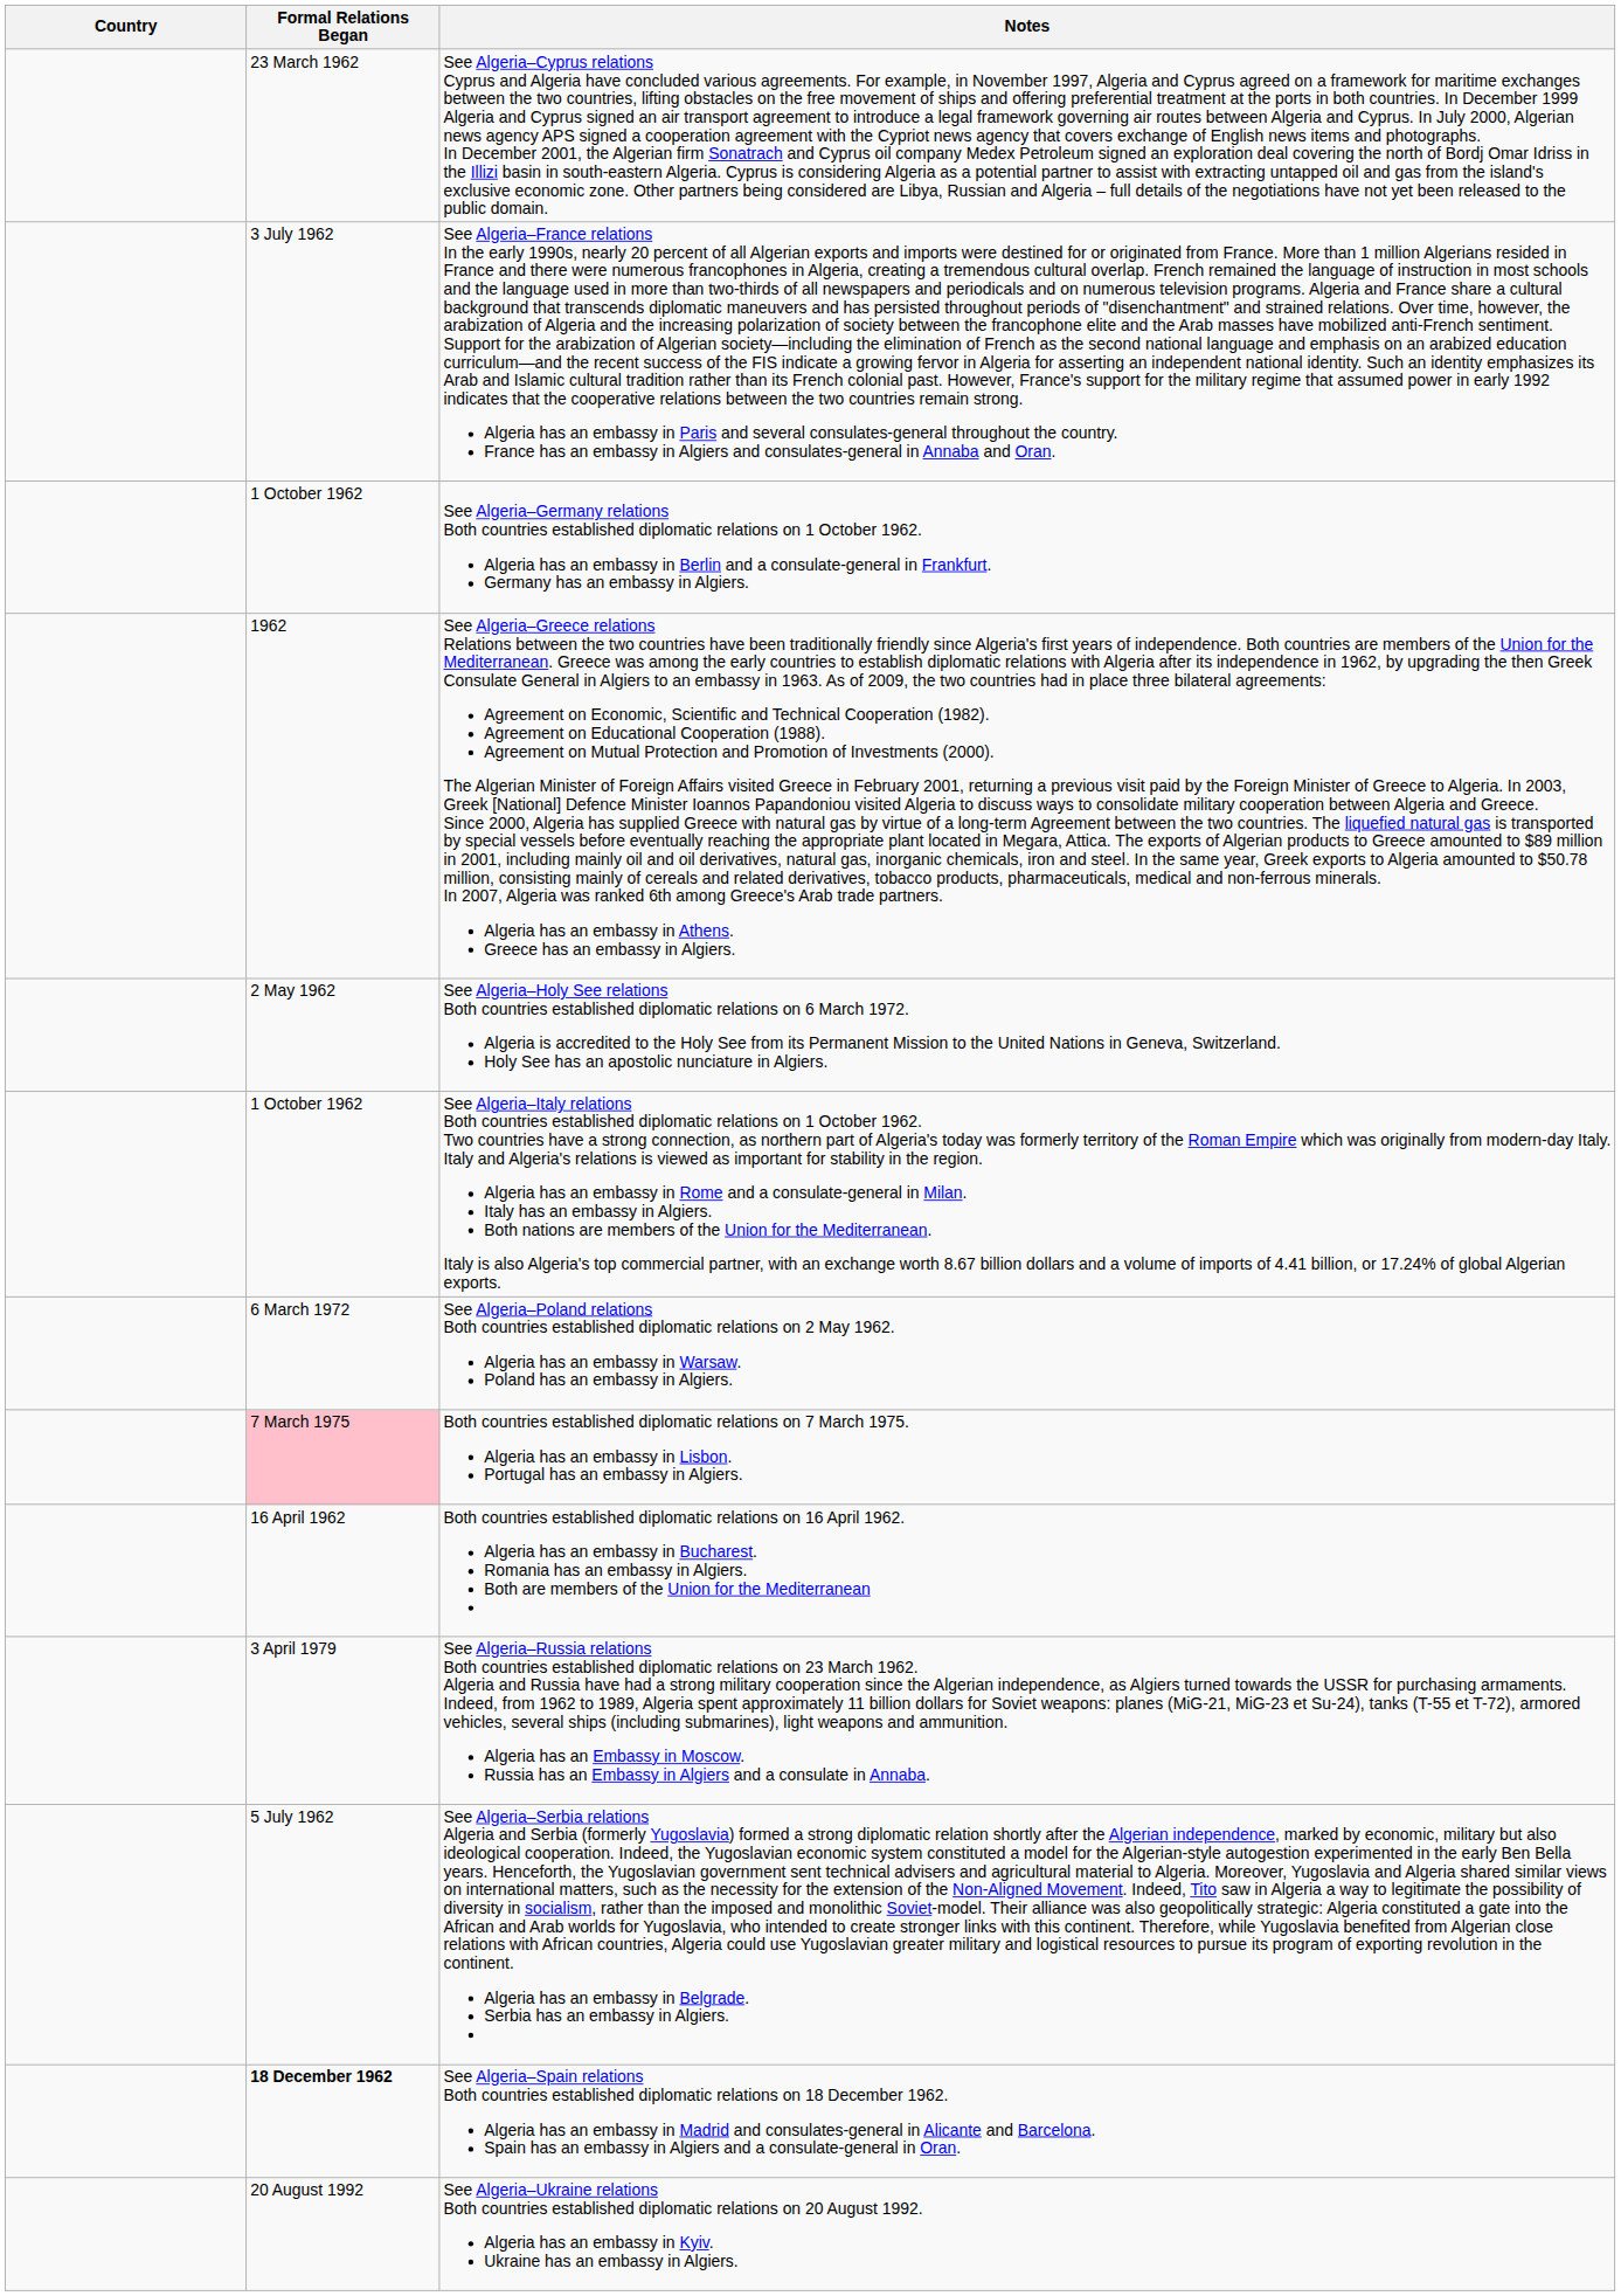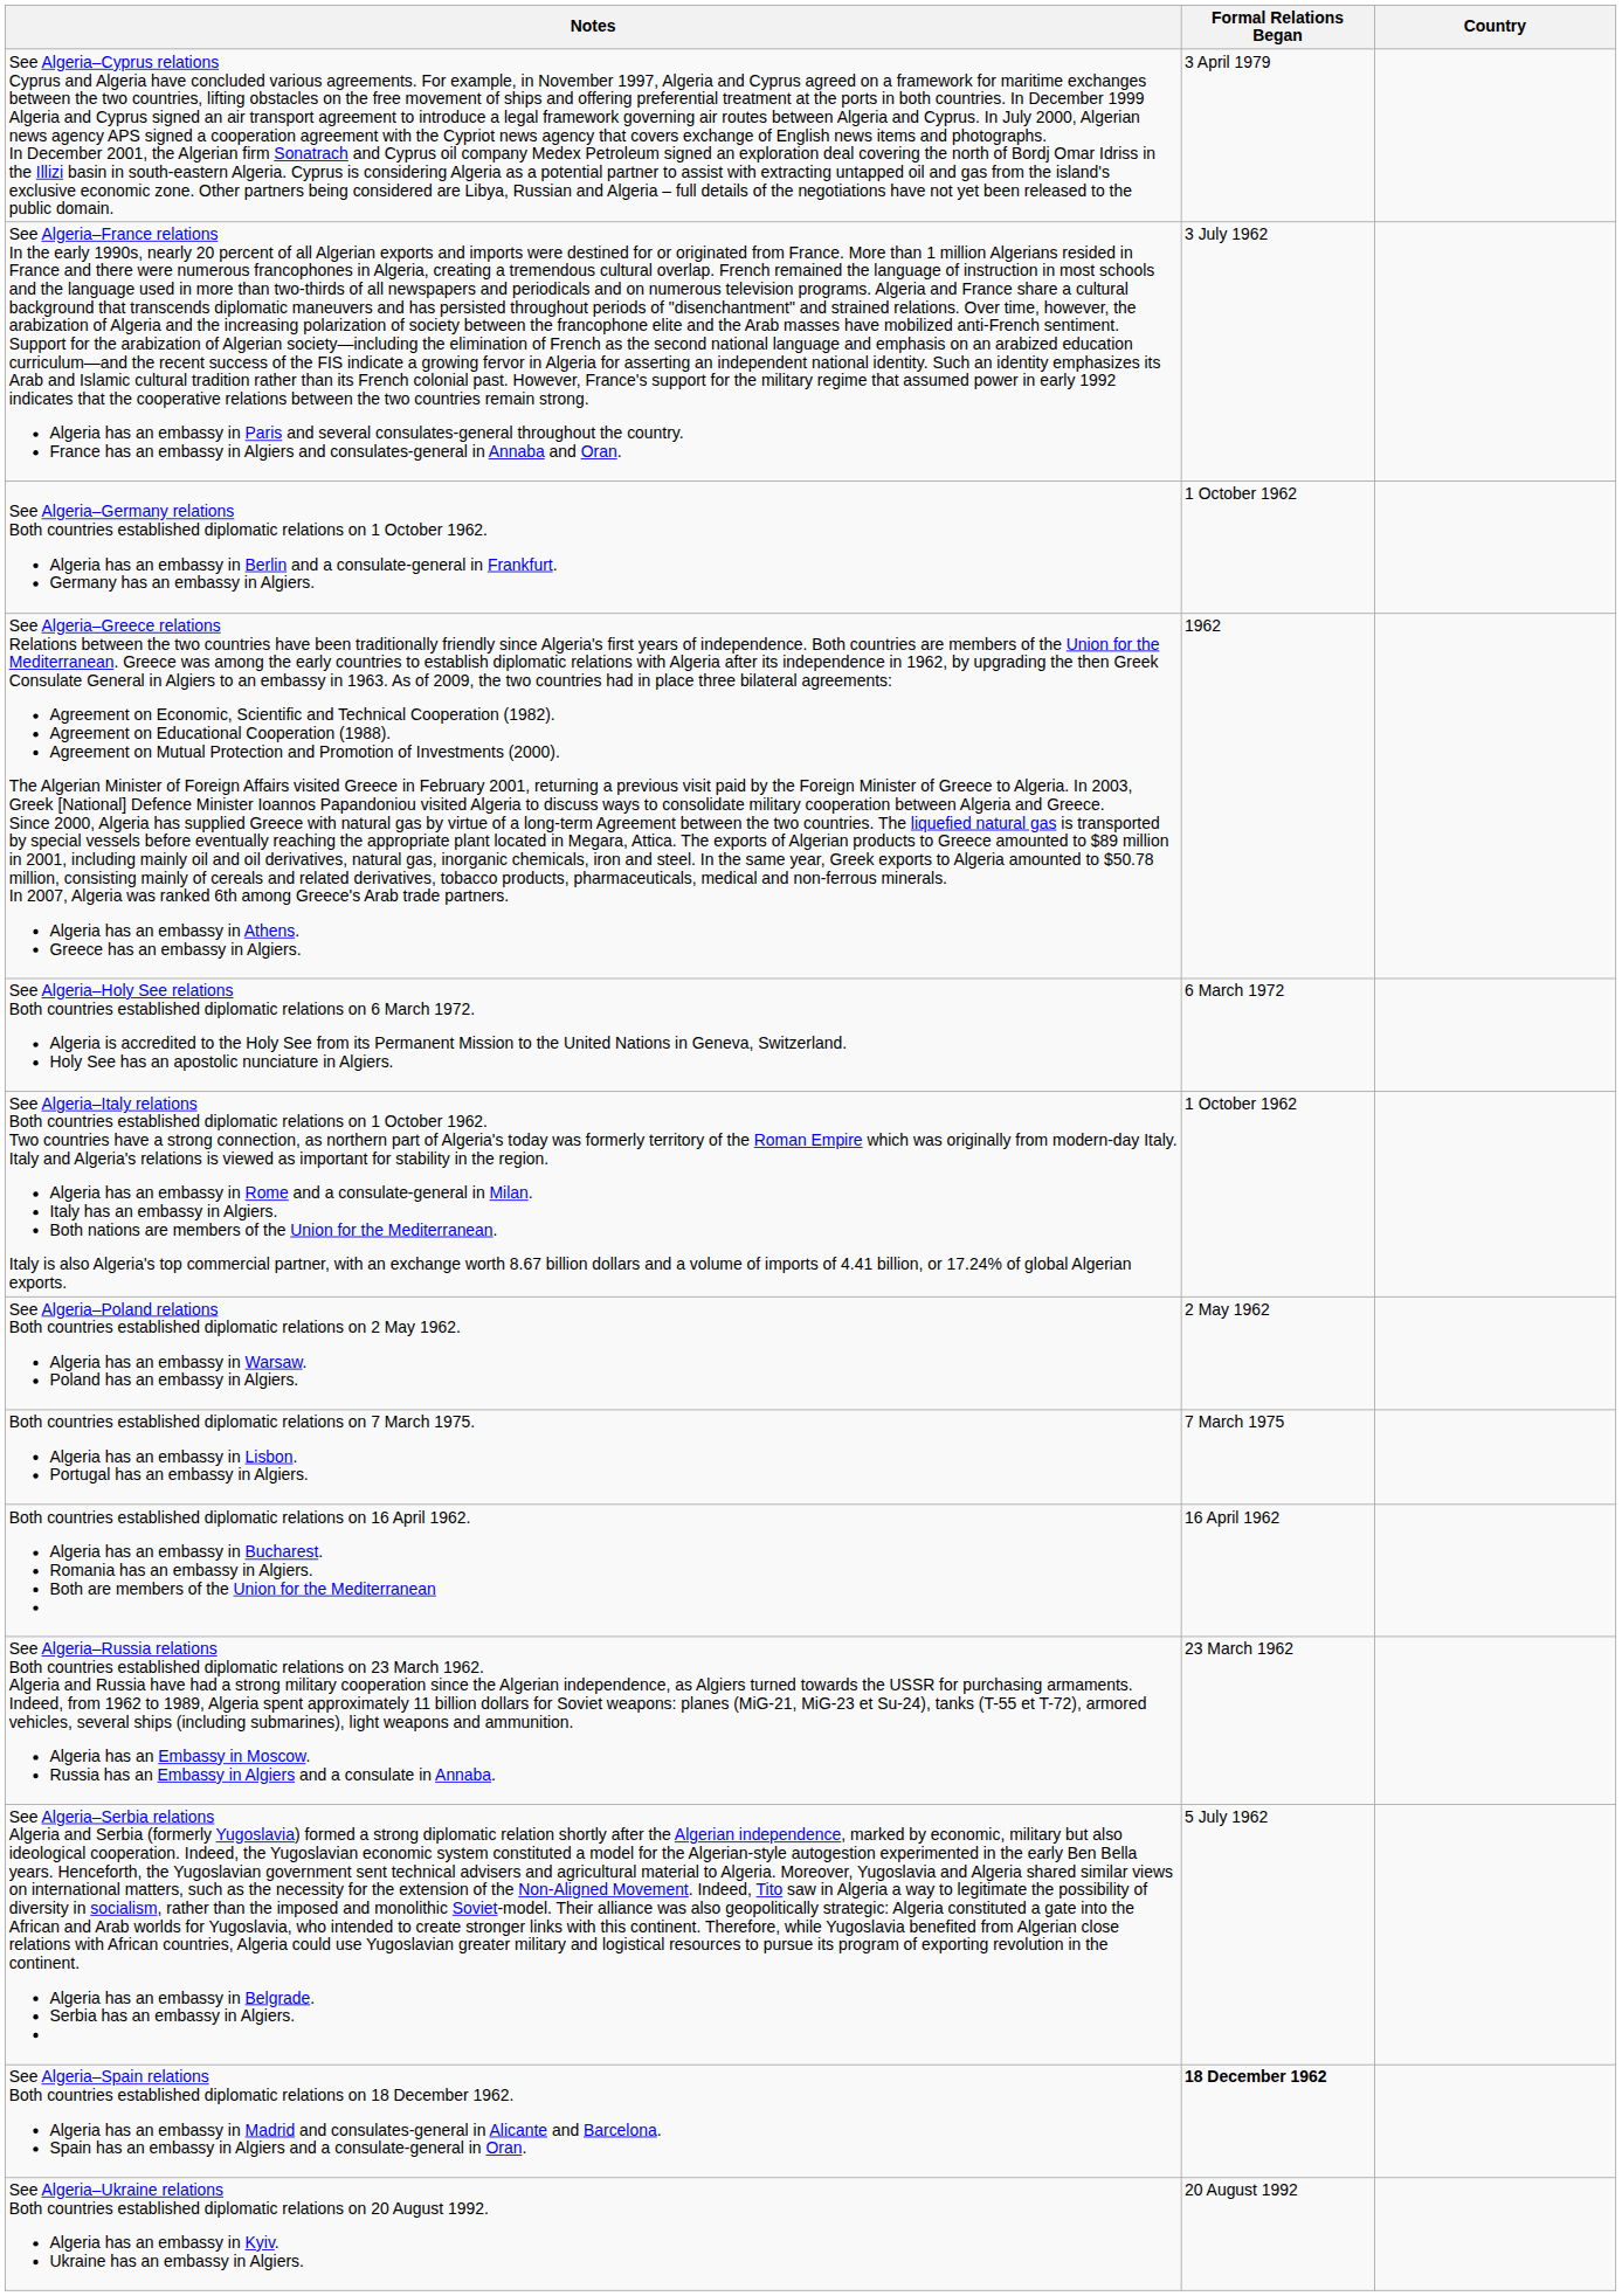 <table class="wikitable sortable" style="width:100%; margin:auto;">
 <tr>
+<th>Notes</th>
+<th style="width:12%;">Formal Relations Began</th>
 <th style="width:15%;">Country</th>
-<th style="width:12%;">Formal Relations Began</th>
-<th>Notes</th>
 </tr>
 <tr valign="top">
+<td>See <a href='#'>Algeria–Cyprus relations</a><br>Cyprus and Algeria have concluded various agreements. For example, in November 1997, Algeria and Cyprus agreed on a framework for maritime exchanges between the two countries, lifting obstacles on the free movement of ships and offering preferential treatment at the ports in both countries. In December 1999 Algeria and Cyprus signed an air transport agreement to introduce a legal framework governing air routes between Algeria and Cyprus. In July 2000, Algerian news agency APS signed a cooperation agreement with the Cypriot news agency that covers exchange of English news items and photographs.<br>In December 2001, the Algerian firm <a href='#'>Sonatrach</a> and Cyprus oil company Medex Petroleum signed an exploration deal covering the north of Bordj Omar Idriss in the <a href='#'>Illizi</a> basin in south-eastern Algeria. Cyprus is considering Algeria as a potential partner to assist with extracting untapped oil and gas from the island's exclusive economic zone. Other partners being considered are Libya, Russian and Algeria – full details of the negotiations have not yet been released to the public domain.</td>
+<td>3 April 1979</td>
 <td></td>
-<td>23 March 1962</td>
-<td>See <a href='#'>Algeria–Cyprus relations</a><br>Cyprus and Algeria have concluded various agreements. For example, in November 1997, Algeria and Cyprus agreed on a framework for maritime exchanges between the two countries, lifting obstacles on the free movement of ships and offering preferential treatment at the ports in both countries. In December 1999 Algeria and Cyprus signed an air transport agreement to introduce a legal framework governing air routes between Algeria and Cyprus. In July 2000, Algerian news agency APS signed a cooperation agreement with the Cypriot news agency that covers exchange of English news items and photographs.<br>In December 2001, the Algerian firm <a href='#'>Sonatrach</a> and Cyprus oil company Medex Petroleum signed an exploration deal covering the north of Bordj Omar Idriss in the <a href='#'>Illizi</a> basin in south-eastern Algeria. Cyprus is considering Algeria as a potential partner to assist with extracting untapped oil and gas from the island's exclusive economic zone. Other partners being considered are Libya, Russian and Algeria – full details of the negotiations have not yet been released to the public domain.</td>
 </tr>
 <tr valign="top">
+<td>See <a href='#'>Algeria–France relations</a><br>In the early 1990s, nearly 20 percent of all Algerian exports and imports were destined for or originated from France. More than 1 million Algerians resided in France and there were numerous francophones in Algeria, creating a tremendous cultural overlap. French remained the language of instruction in most schools and the language used in more than two-thirds of all newspapers and periodicals and on numerous television programs. Algeria and France share a cultural background that transcends diplomatic maneuvers and has persisted throughout periods of "disenchantment" and strained relations. Over time, however, the arabization of Algeria and the increasing polarization of society between the francophone elite and the Arab masses have mobilized anti-French sentiment. Support for the arabization of Algerian society—including the elimination of French as the second national language and emphasis on an arabized education curriculum—and the recent success of the FIS indicate a growing fervor in Algeria for asserting an independent national identity. Such an identity emphasizes its Arab and Islamic cultural tradition rather than its French colonial past.  However, France's support for the military regime that assumed power in early 1992 indicates that the cooperative relations between the two countries remain strong.<ul><li>Algeria has an embassy in <a href='#'>Paris</a> and several consulates-general throughout the country.</li><li>France has an embassy in Algiers and consulates-general in <a href='#'>Annaba</a> and <a href='#'>Oran</a>.</li></ul></td>
+<td>3 July 1962</td>
 <td></td>
-<td>3 July 1962</td>
-<td>See <a href='#'>Algeria–France relations</a><br>In the early 1990s, nearly 20 percent of all Algerian exports and imports were destined for or originated from France. More than 1 million Algerians resided in France and there were numerous francophones in Algeria, creating a tremendous cultural overlap. French remained the language of instruction in most schools and the language used in more than two-thirds of all newspapers and periodicals and on numerous television programs. Algeria and France share a cultural background that transcends diplomatic maneuvers and has persisted throughout periods of "disenchantment" and strained relations. Over time, however, the arabization of Algeria and the increasing polarization of society between the francophone elite and the Arab masses have mobilized anti-French sentiment. Support for the arabization of Algerian society—including the elimination of French as the second national language and emphasis on an arabized education curriculum—and the recent success of the FIS indicate a growing fervor in Algeria for asserting an independent national identity. Such an identity emphasizes its Arab and Islamic cultural tradition rather than its French colonial past.  However, France's support for the military regime that assumed power in early 1992 indicates that the cooperative relations between the two countries remain strong.<ul><li>Algeria has an embassy in <a href='#'>Paris</a> and several consulates-general throughout the country.</li><li>France has an embassy in Algiers and consulates-general in <a href='#'>Annaba</a> and <a href='#'>Oran</a>.</li></ul></td>
 </tr>
 <tr valign="top">
+<td><br>See <a href='#'>Algeria–Germany relations</a><br>Both countries established diplomatic relations on 1 October 1962.<ul><li>Algeria has an embassy in <a href='#'>Berlin</a> and a consulate-general in <a href='#'>Frankfurt</a>.</li><li>Germany has an embassy in Algiers.</li></ul></td>
+<td>1 October 1962</td>
 <td></td>
-<td>1 October 1962</td>
-<td><br>See <a href='#'>Algeria–Germany relations</a><br>Both countries established diplomatic relations on 1 October 1962.<ul><li>Algeria has an embassy in <a href='#'>Berlin</a> and a consulate-general in <a href='#'>Frankfurt</a>.</li><li>Germany has an embassy in Algiers.</li></ul></td>
 </tr>
 <tr valign="top">
+<td>See <a href='#'>Algeria–Greece relations</a><br>Relations between the two countries have been traditionally friendly since Algeria's first years of independence. Both countries are members of the <a href='#'>Union for the Mediterranean</a>. Greece was among the early countries to establish diplomatic relations with Algeria after its independence in 1962, by upgrading the then Greek Consulate General in Algiers to an embassy in 1963. As of 2009, the two countries had in place three bilateral agreements:<ul><li>Agreement on Economic, Scientific and Technical Cooperation (1982).</li><li>Agreement on Educational Cooperation (1988).</li><li>Agreement on Mutual Protection and Promotion of Investments (2000).</li></ul>The Algerian Minister of Foreign Affairs visited Greece in February 2001, returning a previous visit paid by the Foreign Minister of Greece to Algeria. In 2003, Greek [National] Defence Minister Ioannos Papandoniou visited Algeria to discuss ways to consolidate military cooperation between Algeria and Greece.<br>Since 2000, Algeria has supplied Greece with natural gas by virtue of a long-term Agreement between the two countries. The <a href='#'>liquefied natural gas</a> is transported by special vessels before eventually reaching the appropriate plant located in Megara, Attica. The exports of Algerian products to Greece amounted to $89 million in 2001, including mainly oil and oil derivatives, natural gas, inorganic chemicals, iron and steel. In the same year, Greek exports to Algeria amounted to $50.78 million, consisting mainly of cereals and related derivatives, tobacco products, pharmaceuticals, medical and non-ferrous minerals.<br>In 2007, Algeria was ranked 6th among Greece's Arab trade partners.<ul><li>Algeria has an embassy in <a href='#'>Athens</a>.</li><li>Greece has an embassy in Algiers.</li></ul></td>
+<td>1962</td>
 <td></td>
-<td>1962</td>
-<td>See <a href='#'>Algeria–Greece relations</a><br>Relations between the two countries have been traditionally friendly since Algeria's first years of independence. Both countries are members of the <a href='#'>Union for the Mediterranean</a>. Greece was among the early countries to establish diplomatic relations with Algeria after its independence in 1962, by upgrading the then Greek Consulate General in Algiers to an embassy in 1963. As of 2009, the two countries had in place three bilateral agreements:<ul><li>Agreement on Economic, Scientific and Technical Cooperation (1982).</li><li>Agreement on Educational Cooperation (1988).</li><li>Agreement on Mutual Protection and Promotion of Investments (2000).</li></ul>The Algerian Minister of Foreign Affairs visited Greece in February 2001, returning a previous visit paid by the Foreign Minister of Greece to Algeria. In 2003, Greek [National] Defence Minister Ioannos Papandoniou visited Algeria to discuss ways to consolidate military cooperation between Algeria and Greece.<br>Since 2000, Algeria has supplied Greece with natural gas by virtue of a long-term Agreement between the two countries. The <a href='#'>liquefied natural gas</a> is transported by special vessels before eventually reaching the appropriate plant located in Megara, Attica. The exports of Algerian products to Greece amounted to $89 million in 2001, including mainly oil and oil derivatives, natural gas, inorganic chemicals, iron and steel. In the same year, Greek exports to Algeria amounted to $50.78 million, consisting mainly of cereals and related derivatives, tobacco products, pharmaceuticals, medical and non-ferrous minerals.<br>In 2007, Algeria was ranked 6th among Greece's Arab trade partners.<ul><li>Algeria has an embassy in <a href='#'>Athens</a>.</li><li>Greece has an embassy in Algiers.</li></ul></td>
 </tr>
 <tr valign="top">
+<td>See <a href='#'>Algeria–Holy See relations</a><br>Both countries established diplomatic relations on 6 March 1972.<ul><li>Algeria is accredited to the Holy See from its Permanent Mission to the United Nations in Geneva, Switzerland.</li><li>Holy See has an apostolic nunciature in Algiers.</li></ul></td>
+<td>6 March 1972</td>
 <td></td>
-<td>2 May 1962</td>
-<td>See <a href='#'>Algeria–Holy See relations</a><br>Both countries established diplomatic relations on 6 March 1972.<ul><li>Algeria is accredited to the Holy See from its Permanent Mission to the United Nations in Geneva, Switzerland.</li><li>Holy See has an apostolic nunciature in Algiers.</li></ul></td>
 </tr>
 <tr valign="top">
+<td>See <a href='#'>Algeria–Italy relations</a><br>Both countries established diplomatic relations on 1 October 1962.<br>Two countries have a strong connection, as northern part of Algeria's today was formerly territory of the <a href='#'>Roman Empire</a> which was originally from modern-day Italy. Italy and Algeria's relations is viewed as important for stability in the region.<ul><li>Algeria has an embassy in <a href='#'>Rome</a> and a consulate-general in <a href='#'>Milan</a>.</li><li>Italy has an embassy in Algiers.</li><li>Both nations are members of the <a href='#'>Union for the Mediterranean</a>.</li></ul>Italy is also Algeria's top commercial partner, with an exchange worth 8.67 billion dollars and a volume of imports of 4.41 billion, or 17.24% of global Algerian exports.</td>
+<td>1 October 1962</td>
 <td></td>
-<td>1 October 1962</td>
-<td>See <a href='#'>Algeria–Italy relations</a><br>Both countries established diplomatic relations on 1 October 1962.<br>Two countries have a strong connection, as northern part of Algeria's today was formerly territory of the <a href='#'>Roman Empire</a> which was originally from modern-day Italy. Italy and Algeria's relations is viewed as important for stability in the region.<ul><li>Algeria has an embassy in <a href='#'>Rome</a> and a consulate-general in <a href='#'>Milan</a>.</li><li>Italy has an embassy in Algiers.</li><li>Both nations are members of the <a href='#'>Union for the Mediterranean</a>.</li></ul>Italy is also Algeria's top commercial partner, with an exchange worth 8.67 billion dollars and a volume of imports of 4.41 billion, or 17.24% of global Algerian exports.</td>
 </tr>
 <tr valign="top">
+<td>See <a href='#'>Algeria–Poland relations</a><br>Both countries established diplomatic relations on 2 May 1962.<ul><li>Algeria has an embassy in <a href='#'>Warsaw</a>.</li><li>Poland has an embassy in Algiers.</li></ul></td>
+<td>2 May 1962</td>
 <td></td>
-<td>6 March 1972</td>
-<td>See <a href='#'>Algeria–Poland relations</a><br>Both countries established diplomatic relations on 2 May 1962.<ul><li>Algeria has an embassy in <a href='#'>Warsaw</a>.</li><li>Poland has an embassy in Algiers.</li></ul></td>
 </tr>
 <tr valign="top">
+<td>Both countries established diplomatic relations on 7 March 1975.<br><ul><li>Algeria has an embassy in <a href='#'>Lisbon</a>.</li><li>Portugal has an embassy in Algiers.</li></ul></td>
+<td>7 March 1975</td>
 <td></td>
-<td style="background: pink;">7 March 1975</td>
-<td>Both countries established diplomatic relations on 7 March 1975.<br><ul><li>Algeria has an embassy in <a href='#'>Lisbon</a>.</li><li>Portugal has an embassy in Algiers.</li></ul></td>
 </tr>
 <tr valign="top">
+<td>Both countries established diplomatic relations on 16 April 1962.<br><ul><li>Algeria has an embassy in <a href='#'>Bucharest</a>.</li><li>Romania has an embassy in Algiers.</li><li>Both are members of the <a href='#'>Union for the Mediterranean</a></li><li></li></ul></td>
+<td>16 April 1962</td>
 <td></td>
-<td>16 April 1962</td>
-<td>Both countries established diplomatic relations on 16 April 1962.<br><ul><li>Algeria has an embassy in <a href='#'>Bucharest</a>.</li><li>Romania has an embassy in Algiers.</li><li>Both are members of the <a href='#'>Union for the Mediterranean</a></li><li></li></ul></td>
 </tr>
 <tr valign="top">
+<td>See <a href='#'>Algeria–Russia relations</a><br>Both countries established diplomatic relations on 23 March 1962.<br>Algeria and Russia have had a strong military cooperation since the Algerian independence, as Algiers turned towards the USSR for purchasing armaments. Indeed, from 1962 to 1989, Algeria spent approximately 11 billion dollars for Soviet weapons: planes (MiG-21, MiG-23 et Su-24), tanks (T-55 et T-72), armored vehicles, several ships (including submarines), light weapons and ammunition.<ul><li>Algeria has an <a href='#'>Embassy in Moscow</a>.</li><li>Russia has an <a href='#'>Embassy in Algiers</a> and a consulate in <a href='#'>Annaba</a>.</li></ul></td>
+<td>23 March 1962</td>
 <td></td>
-<td>3 April 1979</td>
-<td>See <a href='#'>Algeria–Russia relations</a><br>Both countries established diplomatic relations on 23 March 1962.<br>Algeria and Russia have had a strong military cooperation since the Algerian independence, as Algiers turned towards the USSR for purchasing armaments. Indeed, from 1962 to 1989, Algeria spent approximately 11 billion dollars for Soviet weapons: planes (MiG-21, MiG-23 et Su-24), tanks (T-55 et T-72), armored vehicles, several ships (including submarines), light weapons and ammunition.<ul><li>Algeria has an <a href='#'>Embassy in Moscow</a>.</li><li>Russia has an <a href='#'>Embassy in Algiers</a> and a consulate in <a href='#'>Annaba</a>.</li></ul></td>
 </tr>
 <tr valign="top">
+<td>See <a href='#'>Algeria–Serbia relations</a><br>Algeria and Serbia (formerly <a href='#'>Yugoslavia</a>) formed a strong diplomatic relation shortly after the <a href='#'>Algerian independence</a>, marked by economic, military but also ideological cooperation. Indeed, the Yugoslavian economic system constituted a model for the Algerian-style autogestion experimented in the early Ben Bella years. Henceforth, the Yugoslavian government sent technical advisers and agricultural material to Algeria. Moreover, Yugoslavia and Algeria shared similar views on international matters, such as the necessity for the extension of the <a href='#'>Non-Aligned Movement</a>. Indeed, <a href='#'>Tito</a> saw in Algeria a way to legitimate the possibility of diversity in <a href='#'>socialism</a>, rather than the imposed and monolithic <a href='#'>Soviet</a>-model. Their alliance was also geopolitically strategic: Algeria constituted a gate into the African and Arab worlds for Yugoslavia, who intended to create stronger links with this continent. Therefore, while Yugoslavia benefited from Algerian close relations with African countries, Algeria could use Yugoslavian greater military and logistical resources to pursue its program of exporting revolution in the continent.<ul><li>Algeria has an embassy in <a href='#'>Belgrade</a>.</li><li>Serbia has an embassy in Algiers.</li><li> </li></ul></td>
+<td>5 July 1962</td>
 <td></td>
-<td>5 July 1962</td>
-<td>See <a href='#'>Algeria–Serbia relations</a><br>Algeria and Serbia (formerly <a href='#'>Yugoslavia</a>) formed a strong diplomatic relation shortly after the <a href='#'>Algerian independence</a>, marked by economic, military but also ideological cooperation. Indeed, the Yugoslavian economic system constituted a model for the Algerian-style autogestion experimented in the early Ben Bella years. Henceforth, the Yugoslavian government sent technical advisers and agricultural material to Algeria. Moreover, Yugoslavia and Algeria shared similar views on international matters, such as the necessity for the extension of the <a href='#'>Non-Aligned Movement</a>. Indeed, <a href='#'>Tito</a> saw in Algeria a way to legitimate the possibility of diversity in <a href='#'>socialism</a>, rather than the imposed and monolithic <a href='#'>Soviet</a>-model. Their alliance was also geopolitically strategic: Algeria constituted a gate into the African and Arab worlds for Yugoslavia, who intended to create stronger links with this continent. Therefore, while Yugoslavia benefited from Algerian close relations with African countries, Algeria could use Yugoslavian greater military and logistical resources to pursue its program of exporting revolution in the continent.<ul><li>Algeria has an embassy in <a href='#'>Belgrade</a>.</li><li>Serbia has an embassy in Algiers.</li><li> </li></ul></td>
 </tr>
 <tr valign="top">
+<td>See <a href='#'>Algeria–Spain relations</a><br>Both countries established diplomatic relations on 18 December 1962.<ul><li>Algeria has an embassy in <a href='#'>Madrid</a> and consulates-general in <a href='#'>Alicante</a> and <a href='#'>Barcelona</a>.</li><li>Spain has an embassy in Algiers and a consulate-general in <a href='#'>Oran</a>.</li></ul></td>
+<td><strong>18 December  1962</strong></td>
 <td></td>
-<td><strong>18 December  1962</strong></td>
-<td>See <a href='#'>Algeria–Spain relations</a><br>Both countries established diplomatic relations on 18 December 1962.<ul><li>Algeria has an embassy in <a href='#'>Madrid</a> and consulates-general in <a href='#'>Alicante</a> and <a href='#'>Barcelona</a>.</li><li>Spain has an embassy in Algiers and a consulate-general in <a href='#'>Oran</a>.</li></ul></td>
 </tr>
 <tr valign="top">
+<td>See <a href='#'>Algeria–Ukraine relations</a><br>Both countries established diplomatic relations on 20 August 1992.<ul><li>Algeria has an embassy in <a href='#'>Kyiv</a>.</li><li>Ukraine has an embassy in Algiers.</li></ul></td>
+<td>20 August 1992</td>
 <td></td>
-<td>20 August 1992</td>
-<td>See <a href='#'>Algeria–Ukraine relations</a><br>Both countries established diplomatic relations on 20 August 1992.<ul><li>Algeria has an embassy in <a href='#'>Kyiv</a>.</li><li>Ukraine has an embassy in Algiers.</li></ul></td>
 </tr>
 </table>
